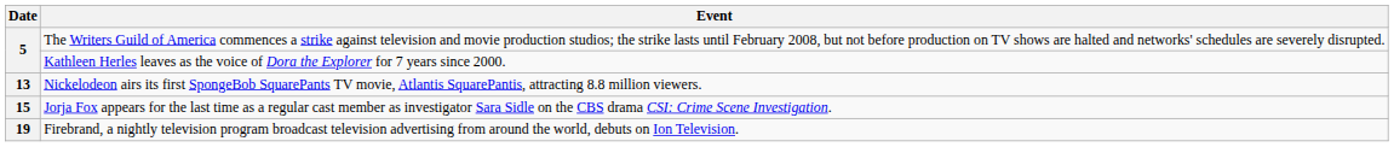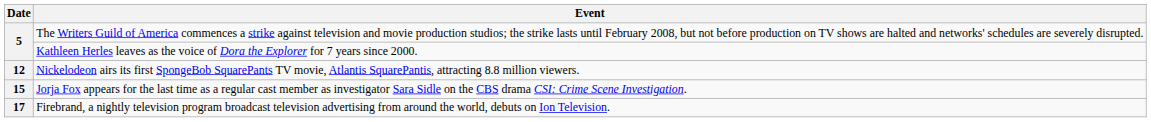 <table class="wikitable">
 <tr>
 <th>Date</th>
 <th>Event</th>
 </tr>
 <tr>
 <th rowspan="2">5</th>
 <td>The <a href='#'>Writers Guild of America</a> commences a <a href='#'>strike</a> against television and movie production studios; the strike lasts until February 2008, but not before production on TV shows are halted and networks' schedules are severely disrupted.</td>
 </tr>
 <tr>
 <td><a href='#'>Kathleen Herles</a> leaves as the voice of <em><a href='#'>Dora the Explorer</a></em> for 7 years since 2000.</td>
 </tr>
 <tr>
-<th>13</th>
+<th>12</th>
 <td><a href='#'>Nickelodeon</a> airs its first <a href='#'>SpongeBob SquarePants</a> TV movie, <a href='#'>Atlantis SquarePantis</a>, attracting 8.8 million viewers.</td>
 </tr>
 <tr>
 <th>15</th>
 <td><a href='#'>Jorja Fox</a> appears for the last time as a regular cast member as investigator <a href='#'>Sara Sidle</a> on the <a href='#'>CBS</a> drama <em><a href='#'>CSI: Crime Scene Investigation</a></em>.</td>
 </tr>
 <tr>
-<th>19</th>
+<th>17</th>
 <td>Firebrand, a nightly television program broadcast television advertising from around the world, debuts on <a href='#'>Ion Television</a>.</td>
 </tr>
 </table>
